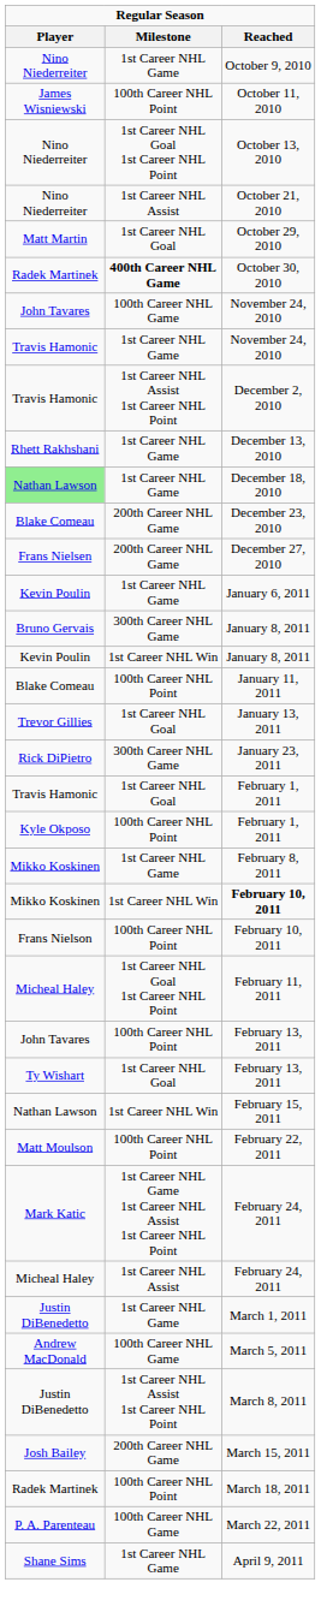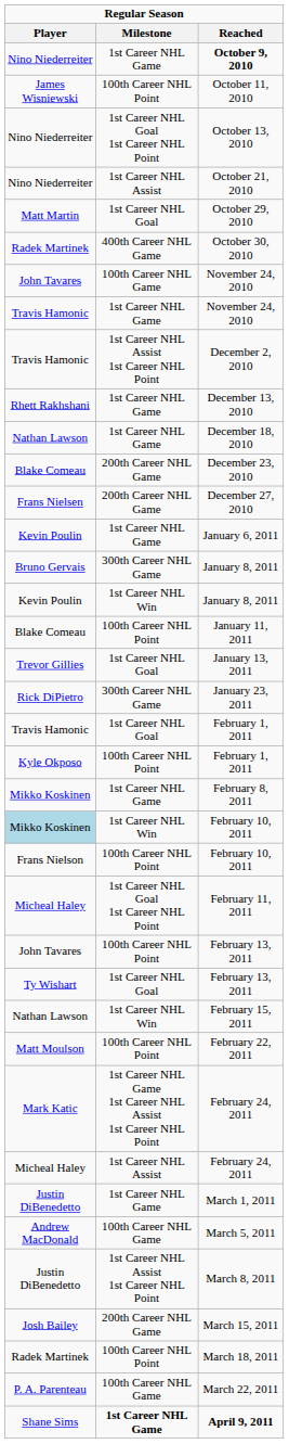 <table class="wikitable" style="width:60%; text-align:center;">
 <tr>
 <td colspan="10" style="text-align:center;"><strong>Regular Season</strong></td>
 </tr>
 <tr>
 <th>Player</th>
 <th>Milestone</th>
 <th>Reached</th>
 </tr>
 <tr>
 <td><a href='#'>Nino Niederreiter</a></td>
 <td>1st Career NHL Game</td>
-<td>October 9, 2010</td>
+<td><strong>October 9, 2010</strong></td>
 </tr>
 <tr>
 <td><a href='#'>James Wisniewski</a></td>
 <td>100th Career NHL Point</td>
 <td>October 11, 2010</td>
 </tr>
 <tr>
 <td>Nino Niederreiter</td>
 <td>1st Career NHL Goal<br>1st Career NHL Point</td>
 <td>October 13, 2010</td>
 </tr>
 <tr>
 <td>Nino Niederreiter</td>
 <td>1st Career NHL Assist</td>
 <td>October 21, 2010</td>
 </tr>
 <tr>
 <td><a href='#'>Matt Martin</a></td>
 <td>1st Career NHL Goal</td>
 <td>October 29, 2010</td>
 </tr>
 <tr>
 <td><a href='#'>Radek Martinek</a></td>
-<td><strong>400th Career NHL Game</strong></td>
+<td>400th Career NHL Game</td>
 <td>October 30, 2010</td>
 </tr>
 <tr>
 <td><a href='#'>John Tavares</a></td>
 <td>100th Career NHL Game</td>
 <td>November 24, 2010</td>
 </tr>
 <tr>
 <td><a href='#'>Travis Hamonic</a></td>
 <td>1st Career NHL Game</td>
 <td>November 24, 2010</td>
 </tr>
 <tr>
 <td>Travis Hamonic</td>
 <td>1st Career NHL Assist<br>1st Career NHL Point</td>
 <td>December 2, 2010</td>
 </tr>
 <tr>
 <td><a href='#'>Rhett Rakhshani</a></td>
 <td>1st Career NHL Game</td>
 <td>December 13, 2010</td>
 </tr>
 <tr>
-<td style="background: lightgreen;"><a href='#'>Nathan Lawson</a></td>
+<td><a href='#'>Nathan Lawson</a></td>
 <td>1st Career NHL Game</td>
 <td>December 18, 2010</td>
 </tr>
 <tr>
 <td><a href='#'>Blake Comeau</a></td>
 <td>200th Career NHL Game</td>
 <td>December 23, 2010</td>
 </tr>
 <tr>
 <td><a href='#'>Frans Nielsen</a></td>
 <td>200th Career NHL Game</td>
 <td>December 27, 2010</td>
 </tr>
 <tr>
 <td><a href='#'>Kevin Poulin</a></td>
 <td>1st Career NHL Game</td>
 <td>January 6, 2011</td>
 </tr>
 <tr>
 <td><a href='#'>Bruno Gervais</a></td>
 <td>300th Career NHL Game</td>
 <td>January 8, 2011</td>
 </tr>
 <tr>
 <td>Kevin Poulin</td>
 <td>1st Career NHL Win</td>
 <td>January 8, 2011</td>
 </tr>
 <tr>
 <td>Blake Comeau</td>
 <td>100th Career NHL Point</td>
 <td>January 11, 2011</td>
 </tr>
 <tr>
 <td><a href='#'>Trevor Gillies</a></td>
 <td>1st Career NHL Goal</td>
 <td>January 13, 2011</td>
 </tr>
 <tr>
 <td><a href='#'>Rick DiPietro</a></td>
 <td>300th Career NHL Game</td>
 <td>January 23, 2011</td>
 </tr>
 <tr>
 <td>Travis Hamonic</td>
 <td>1st Career NHL Goal</td>
 <td>February 1, 2011</td>
 </tr>
 <tr>
 <td><a href='#'>Kyle Okposo</a></td>
 <td>100th Career NHL Point</td>
 <td>February 1, 2011</td>
 </tr>
 <tr>
 <td><a href='#'>Mikko Koskinen</a></td>
 <td>1st Career NHL Game</td>
 <td>February 8, 2011</td>
 </tr>
 <tr>
-<td>Mikko Koskinen</td>
+<td style="background: lightblue;">Mikko Koskinen</td>
 <td>1st Career NHL Win</td>
-<td><strong>February 10, 2011</strong></td>
+<td>February 10, 2011</td>
 </tr>
 <tr>
 <td>Frans Nielson</td>
 <td>100th Career NHL Point</td>
 <td>February 10, 2011</td>
 </tr>
 <tr>
 <td><a href='#'>Micheal Haley</a></td>
 <td>1st Career NHL Goal<br>1st Career NHL Point</td>
 <td>February 11, 2011</td>
 </tr>
 <tr>
 <td>John Tavares</td>
 <td>100th Career NHL Point</td>
 <td>February 13, 2011</td>
 </tr>
 <tr>
 <td><a href='#'>Ty Wishart</a></td>
 <td>1st Career NHL Goal</td>
 <td>February 13, 2011</td>
 </tr>
 <tr>
 <td>Nathan Lawson</td>
 <td>1st Career NHL Win</td>
 <td>February 15, 2011</td>
 </tr>
 <tr>
 <td><a href='#'>Matt Moulson</a></td>
 <td>100th Career NHL Point</td>
 <td>February 22, 2011</td>
 </tr>
 <tr>
 <td><a href='#'>Mark Katic</a></td>
 <td>1st Career NHL Game<br>1st Career NHL Assist<br>1st Career NHL Point</td>
 <td>February 24, 2011</td>
 </tr>
 <tr>
 <td>Micheal Haley</td>
 <td>1st Career NHL Assist</td>
 <td>February 24, 2011</td>
 </tr>
 <tr>
 <td><a href='#'>Justin DiBenedetto</a></td>
 <td>1st Career NHL Game</td>
 <td>March 1, 2011</td>
 </tr>
 <tr>
 <td><a href='#'>Andrew MacDonald</a></td>
 <td>100th Career NHL Game</td>
 <td>March 5, 2011</td>
 </tr>
 <tr>
 <td>Justin DiBenedetto</td>
 <td>1st Career NHL Assist<br>1st Career NHL Point</td>
 <td>March 8, 2011</td>
 </tr>
 <tr>
 <td><a href='#'>Josh Bailey</a></td>
 <td>200th Career NHL Game</td>
 <td>March 15, 2011</td>
 </tr>
 <tr>
 <td>Radek Martinek</td>
 <td>100th Career NHL Point</td>
 <td>March 18, 2011</td>
 </tr>
 <tr>
 <td><a href='#'>P. A. Parenteau</a></td>
 <td>100th Career NHL Game</td>
 <td>March 22, 2011</td>
 </tr>
 <tr>
 <td><a href='#'>Shane Sims</a></td>
-<td>1st Career NHL Game</td>
-<td>April 9, 2011</td>
+<td><strong>1st Career NHL Game</strong></td>
+<td><strong>April 9, 2011</strong></td>
 </tr>
 </table>
